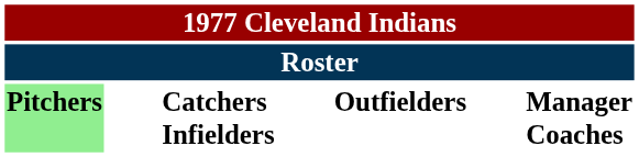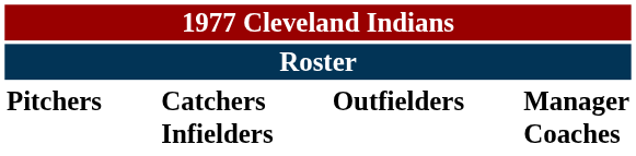 <table class="toccolours" style="font-size: 95%;">
 <tr>
 <th colspan="10" style="background-color: #990000; color: white; text-align: center;">1977 Cleveland Indians</th>
 </tr>
 <tr>
 <td colspan="10" style="background-color: #023456; color: white; text-align: center;"><strong>Roster</strong></td>
 </tr>
 <tr>
-<td valign="top" style="background: lightgreen;"><strong>Pitchers</strong><br>             </td>
+<td valign="top"><strong>Pitchers</strong><br>             </td>
 <td width="25px"></td>
 <td valign="top"><strong>Catchers</strong><br>  <strong>Infielders</strong>         </td>
 <td width="25px"></td>
 <td valign="top"><strong>Outfielders</strong><br>       </td>
 <td width="25px"></td>
 <td valign="top"><strong>Manager</strong><br>  <strong>Coaches</strong>        </td>
 </tr>
 </table>
